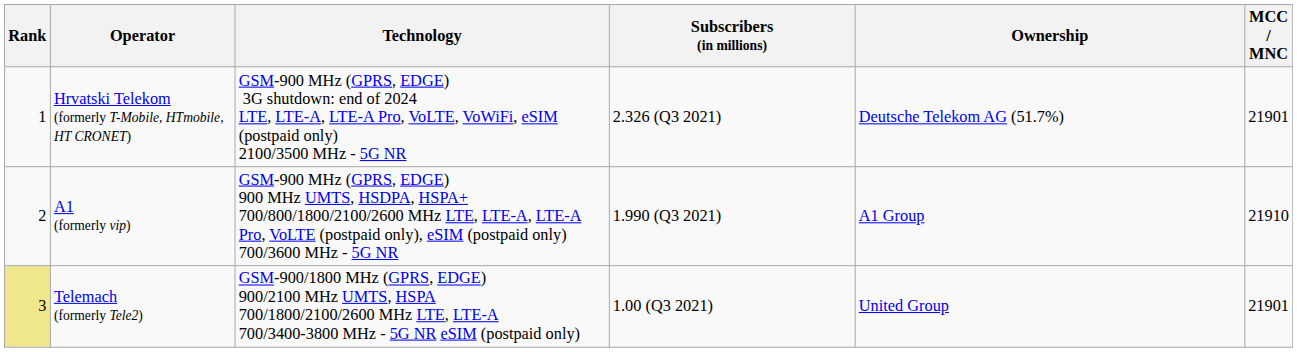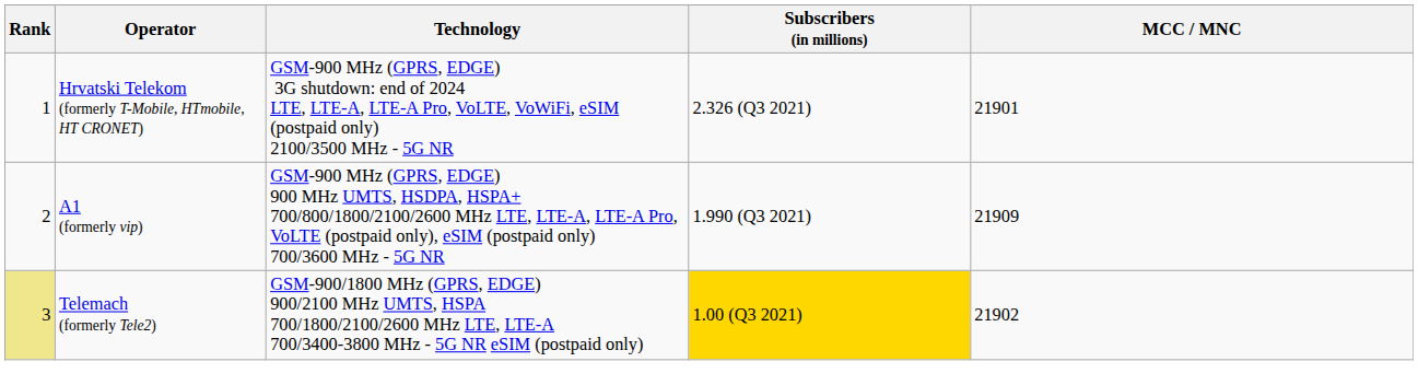 <table class="wikitable" style="width:100%;">
 <tr>
 <th style="width:3%;">Rank</th>
 <th style="width:15%;">Operator</th>
 <th style="width:30%;">Technology</th>
 <th style="width:20%;">Subscribers<br><small>(in millions)</small></th>
-<th style="width:32%;">Ownership</th>
 <th>MCC / MNC</th>
 </tr>
 <tr>
 <td align=right>1</td>
 <td><a href='#'>Hrvatski Telekom</a> <br> <small>(formerly <em>T-Mobile, HTmobile, HT CRONET</em>)</small></td>
 <td><a href='#'>GSM</a>-900 MHz (<a href='#'>GPRS</a>, <a href='#'>EDGE</a>)<br> 3G shutdown: end of 2024<br> <a href='#'>LTE</a>, <a href='#'>LTE-A</a>, <a href='#'>LTE-A Pro</a>, <a href='#'>VoLTE</a>, <a href='#'>VoWiFi</a>, <a href='#'>eSIM</a> (postpaid only)<br>2100/3500 MHz - <a href='#'>5G NR</a></td>
 <td>2.326 (Q3 2021)</td>
-<td><a href='#'>Deutsche Telekom AG</a> (51.7%)</td>
 <td>21901</td>
 </tr>
 <tr>
 <td align=right>2</td>
 <td><a href='#'>A1</a> <br> <small>(formerly <em>vip</em>)</small></td>
 <td><a href='#'>GSM</a>-900 MHz (<a href='#'>GPRS</a>, <a href='#'>EDGE</a>)<br>900 MHz <a href='#'>UMTS</a>, <a href='#'>HSDPA</a>, <a href='#'>HSPA+</a><br>700/800/1800/2100/2600 MHz <a href='#'>LTE</a>, <a href='#'>LTE-A</a>, <a href='#'>LTE-A Pro</a>, <a href='#'>VoLTE</a> (postpaid only), <a href='#'>eSIM</a> (postpaid only)<br>700/3600 MHz - <a href='#'>5G NR</a></td>
 <td>1.990 (Q3 2021)</td>
-<td><a href='#'>A1 Group</a></td>
-<td>21910</td>
+<td>21909</td>
 </tr>
 <tr>
 <td align=right style="background: khaki;">3</td>
 <td><a href='#'>Telemach</a><br><small>(formerly <em>Tele2</em>)</small></td>
 <td><a href='#'>GSM</a>-900/1800 MHz (<a href='#'>GPRS</a>, <a href='#'>EDGE</a>)<br>900/2100 MHz <a href='#'>UMTS</a>, <a href='#'>HSPA</a> <br>700/1800/2100/2600 MHz <a href='#'>LTE</a>, <a href='#'>LTE-A</a><br>700/3400-3800 MHz - <a href='#'>5G NR</a> <a href='#'>eSIM</a> (postpaid only)</td>
-<td>1.00 (Q3 2021)</td>
-<td><a href='#'>United Group</a></td>
-<td>21901</td>
+<td style="background: gold;">1.00 (Q3 2021)</td>
+<td>21902</td>
 </tr>
 </table>
